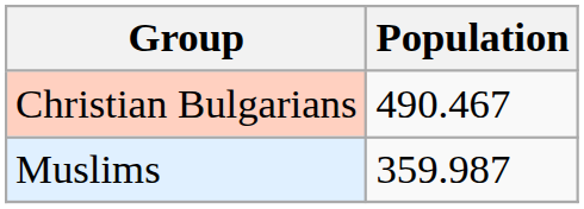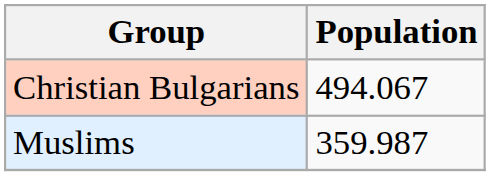 <table class="wikitable sortable">
 <tr>
 <th>Group</th>
 <th>Population</th>
 </tr>
 <tr>
 <td style="background:#FFD0C0;">Christian Bulgarians</td>
-<td>490.467</td>
+<td>494.067</td>
 </tr>
 <tr>
 <td style="background:#E0F0FF;">Muslims</td>
 <td>359.987</td>
 </tr>
 <tr>
 </tr>
 </table>
